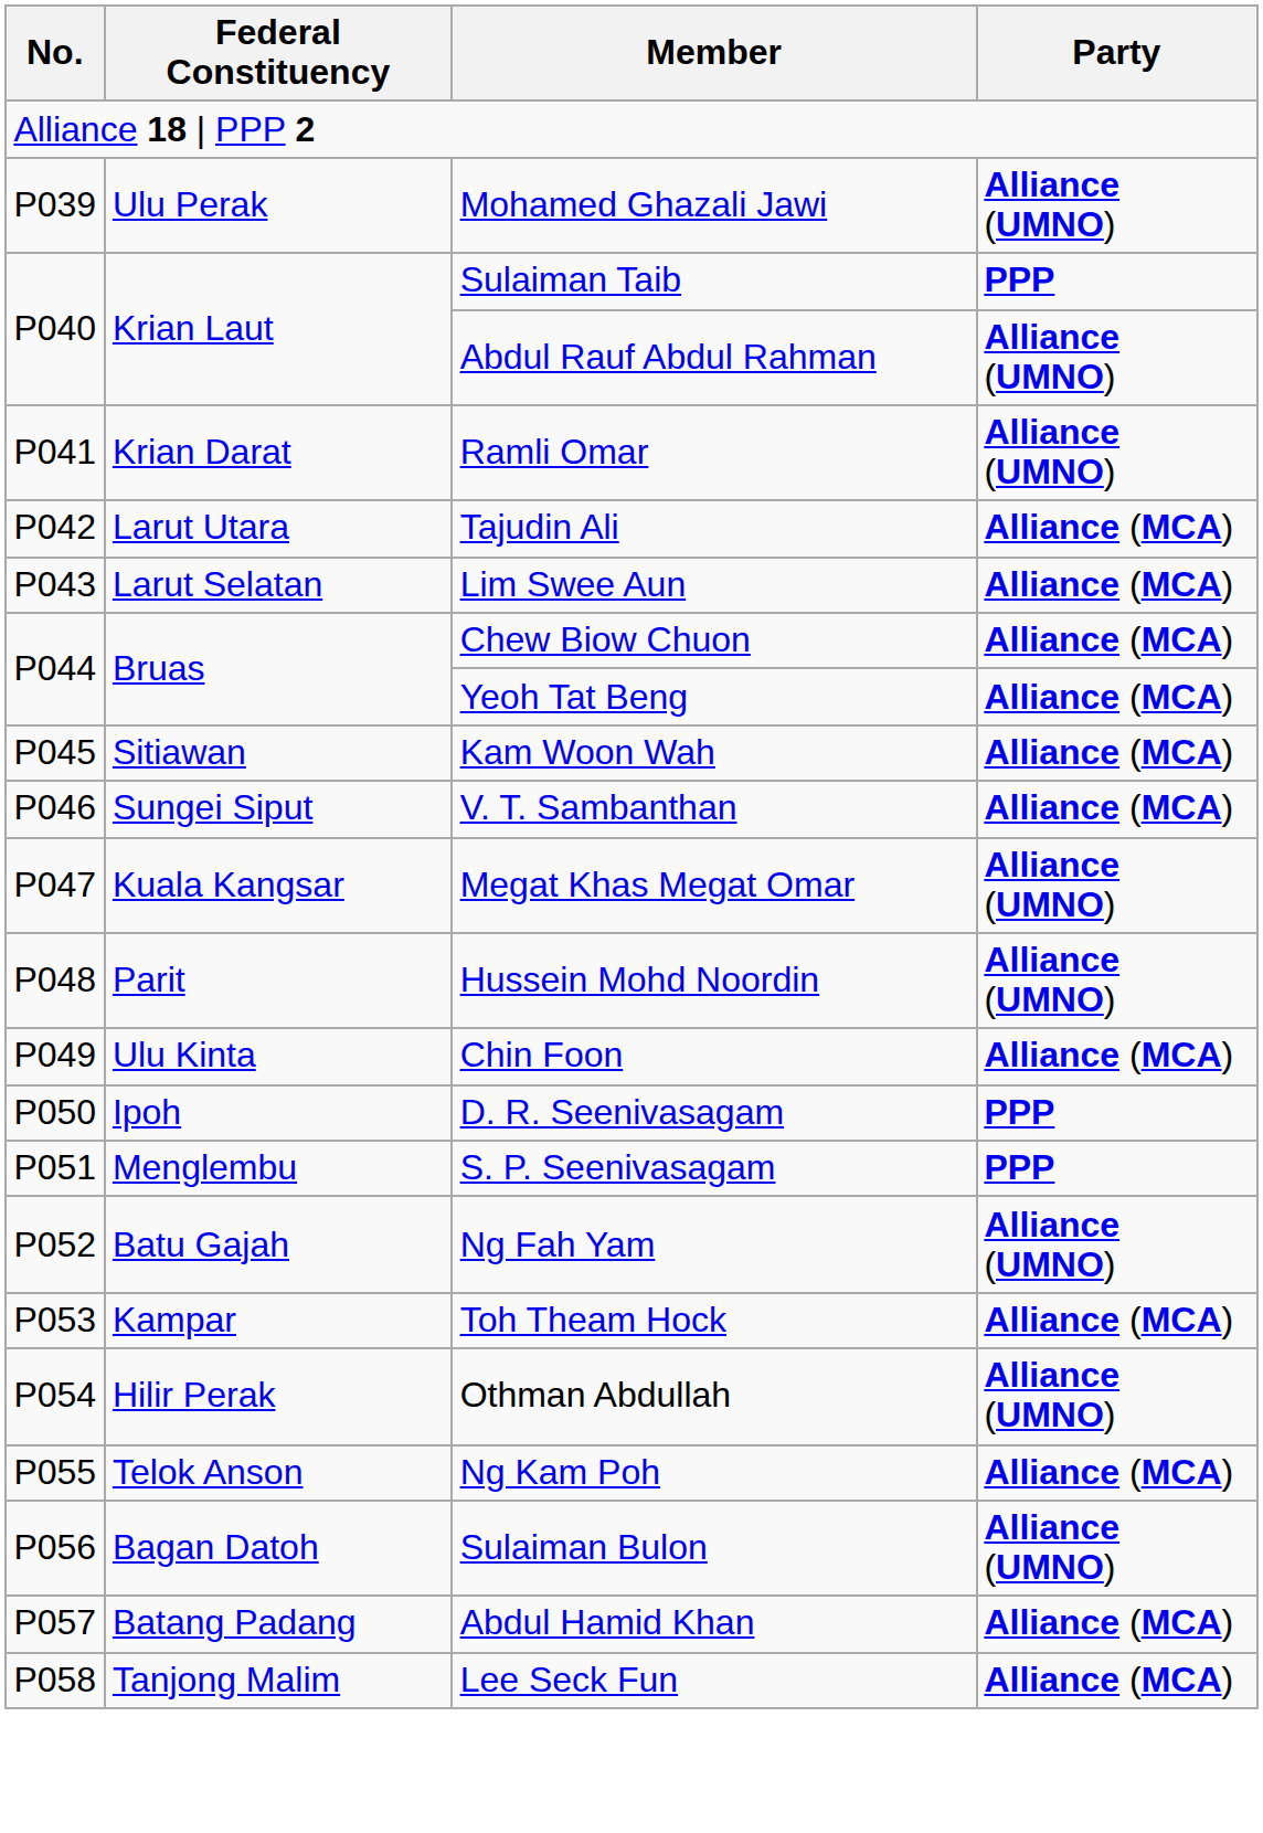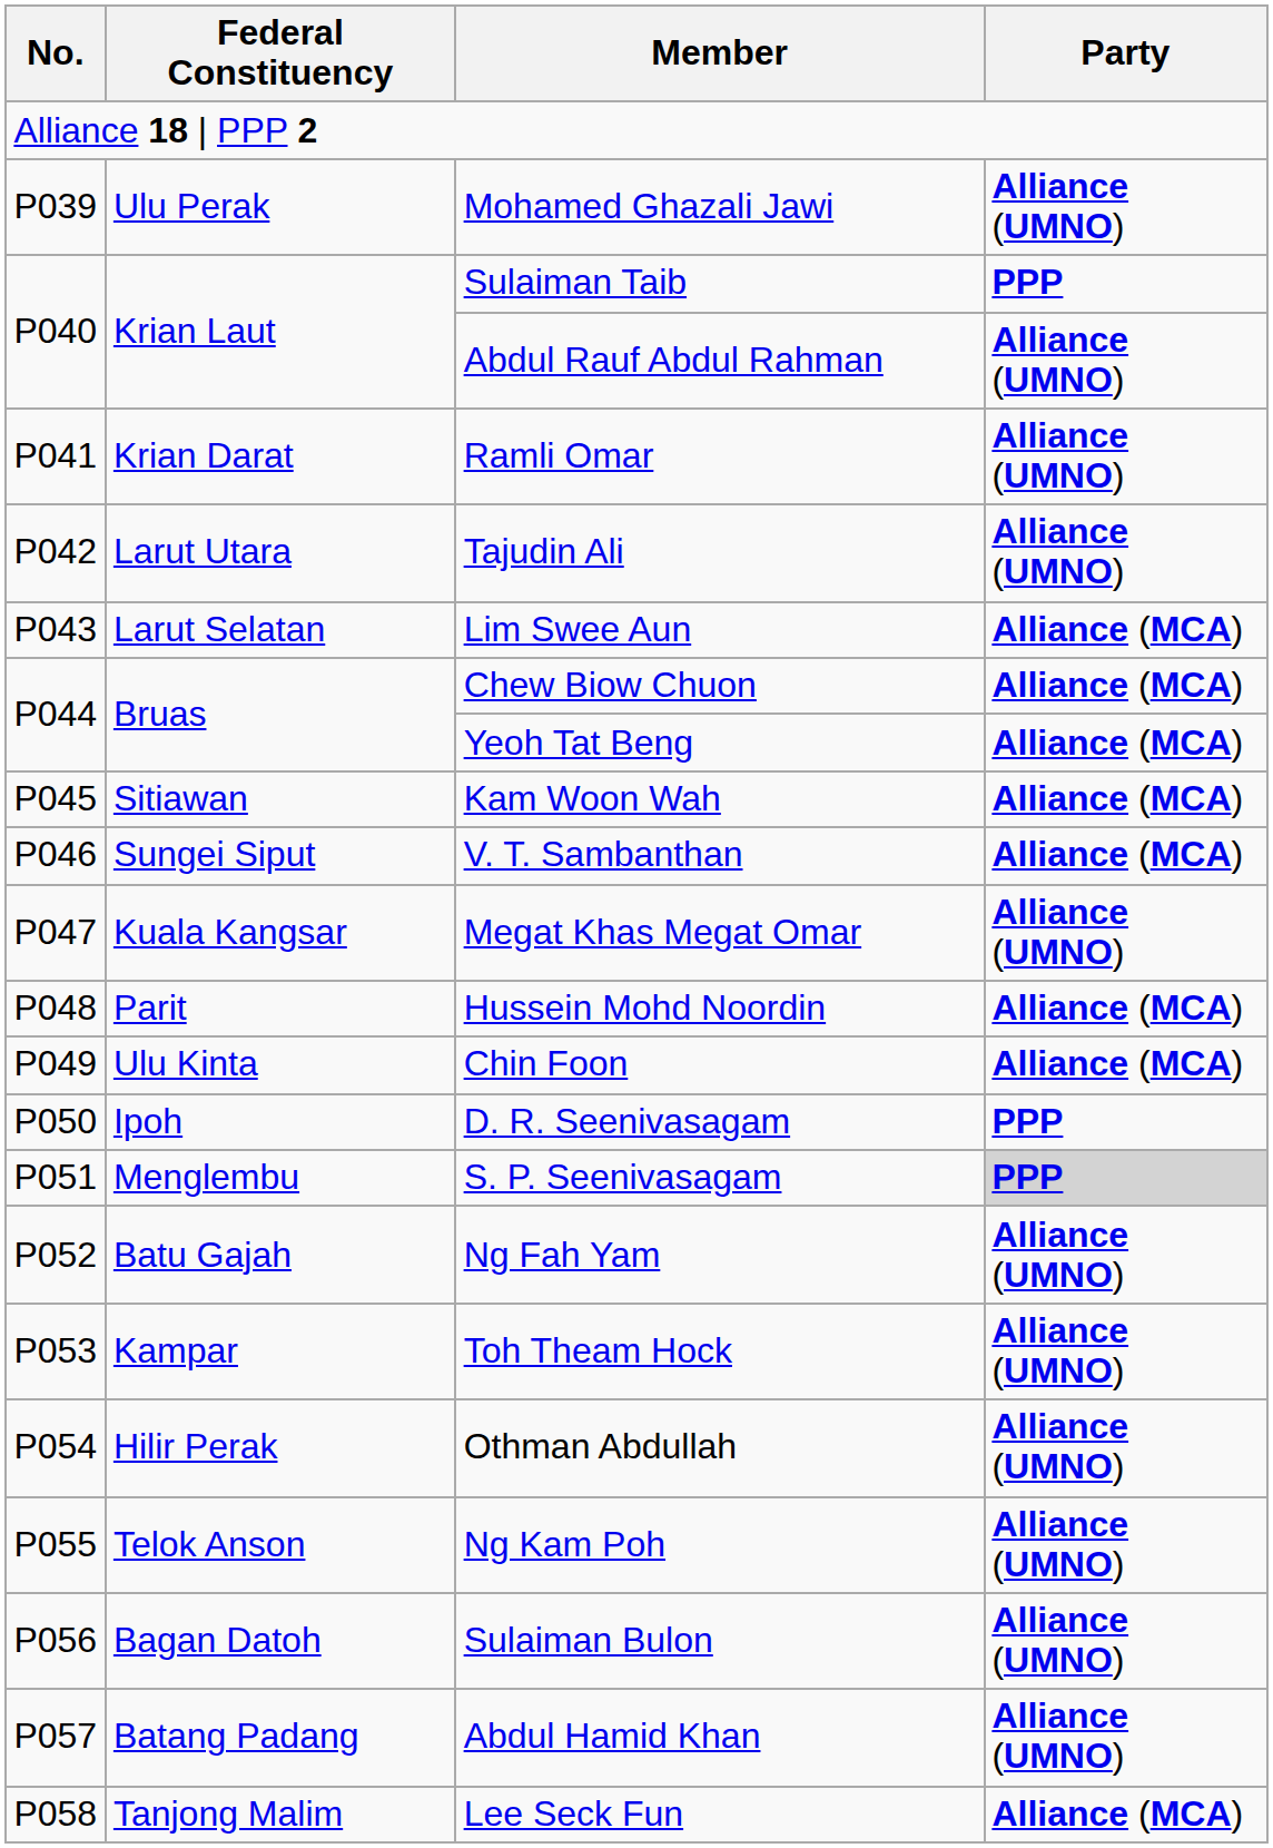 <table class="wikitable sortable">
 <tr>
 <th style="width:30px;">No.</th>
 <th style="width:150px;">Federal Constituency</th>
 <th style="width:230px;">Member</th>
 <th style="width:120px;">Party</th>
 </tr>
 <tr>
 <td colspan="4"><a href='#'>Alliance</a> <strong>18</strong> | <a href='#'>PPP</a> <strong>2</strong></td>
 </tr>
 <tr>
 <td>P039</td>
 <td><a href='#'>Ulu Perak</a></td>
 <td><a href='#'>Mohamed Ghazali Jawi</a></td>
 <td><strong><a href='#'>Alliance</a></strong> (<strong><a href='#'>UMNO</a></strong>)</td>
 </tr>
 <tr>
 <td rowspan=2>P040</td>
 <td rowspan=2><a href='#'>Krian Laut</a></td>
 <td><a href='#'>Sulaiman Taib</a> </td>
 <td><strong><a href='#'>PPP</a></strong></td>
 </tr>
 <tr>
 <td><a href='#'>Abdul Rauf Abdul Rahman</a> </td>
 <td><strong><a href='#'>Alliance</a></strong> (<strong><a href='#'>UMNO</a></strong>)</td>
 </tr>
 <tr>
 <td>P041</td>
 <td><a href='#'>Krian Darat</a></td>
 <td><a href='#'>Ramli Omar</a></td>
 <td><strong><a href='#'>Alliance</a></strong> (<strong><a href='#'>UMNO</a></strong>)</td>
 </tr>
 <tr>
 <td>P042</td>
 <td><a href='#'>Larut Utara</a></td>
 <td><a href='#'>Tajudin Ali</a></td>
-<td><strong><a href='#'>Alliance</a></strong> (<strong><a href='#'>MCA</a></strong>)</td>
+<td><strong><a href='#'>Alliance</a></strong> (<strong><a href='#'>UMNO</a></strong>)</td>
 </tr>
 <tr>
 <td>P043</td>
 <td><a href='#'>Larut Selatan</a></td>
 <td><a href='#'>Lim Swee Aun</a></td>
 <td><strong><a href='#'>Alliance</a></strong> (<strong><a href='#'>MCA</a></strong>)</td>
 </tr>
 <tr>
 <td rowspan=2>P044</td>
 <td rowspan=2><a href='#'>Bruas</a></td>
 <td><a href='#'>Chew Biow Chuon</a><br></td>
 <td><strong><a href='#'>Alliance</a></strong> (<strong><a href='#'>MCA</a></strong>)</td>
 </tr>
 <tr>
 <td><a href='#'>Yeoh Tat Beng</a> </td>
 <td><strong><a href='#'>Alliance</a></strong> (<strong><a href='#'>MCA</a></strong>)</td>
 </tr>
 <tr>
 <td>P045</td>
 <td><a href='#'>Sitiawan</a></td>
 <td><a href='#'>Kam Woon Wah</a></td>
 <td><strong><a href='#'>Alliance</a></strong> (<strong><a href='#'>MCA</a></strong>)</td>
 </tr>
 <tr>
 <td>P046</td>
 <td><a href='#'>Sungei Siput</a></td>
 <td><a href='#'>V. T. Sambanthan</a></td>
 <td><strong><a href='#'>Alliance</a></strong> (<strong><a href='#'>MCA</a></strong>)</td>
 </tr>
 <tr>
 <td>P047</td>
 <td><a href='#'>Kuala Kangsar</a></td>
 <td><a href='#'>Megat Khas Megat Omar</a></td>
 <td><strong><a href='#'>Alliance</a></strong> (<strong><a href='#'>UMNO</a></strong>)</td>
 </tr>
 <tr>
 <td>P048</td>
 <td><a href='#'>Parit</a></td>
 <td><a href='#'>Hussein Mohd Noordin</a></td>
-<td><strong><a href='#'>Alliance</a></strong> (<strong><a href='#'>UMNO</a></strong>)</td>
+<td><strong><a href='#'>Alliance</a></strong> (<strong><a href='#'>MCA</a></strong>)</td>
 </tr>
 <tr>
 <td>P049</td>
 <td><a href='#'>Ulu Kinta</a></td>
 <td><a href='#'>Chin Foon</a></td>
 <td><strong><a href='#'>Alliance</a></strong> (<strong><a href='#'>MCA</a></strong>)</td>
 </tr>
 <tr>
 <td>P050</td>
 <td><a href='#'>Ipoh</a></td>
 <td><a href='#'>D. R. Seenivasagam</a></td>
 <td><strong><a href='#'>PPP</a></strong></td>
 </tr>
 <tr>
 <td>P051</td>
 <td><a href='#'>Menglembu</a></td>
 <td><a href='#'>S. P. Seenivasagam</a></td>
-<td><strong><a href='#'>PPP</a></strong></td>
+<td style="background: lightgrey;"><strong><a href='#'>PPP</a></strong></td>
 </tr>
 <tr>
 <td>P052</td>
 <td><a href='#'>Batu Gajah</a></td>
 <td><a href='#'>Ng Fah Yam</a></td>
 <td><strong><a href='#'>Alliance</a></strong> (<strong><a href='#'>UMNO</a></strong>)</td>
 </tr>
 <tr>
 <td>P053</td>
 <td><a href='#'>Kampar</a></td>
 <td><a href='#'>Toh Theam Hock</a></td>
-<td><strong><a href='#'>Alliance</a></strong> (<strong><a href='#'>MCA</a></strong>)</td>
+<td><strong><a href='#'>Alliance</a></strong> (<strong><a href='#'>UMNO</a></strong>)</td>
 </tr>
 <tr>
 <td>P054</td>
 <td><a href='#'>Hilir Perak</a></td>
 <td>Othman Abdullah</td>
 <td><strong><a href='#'>Alliance</a></strong> (<strong><a href='#'>UMNO</a></strong>)</td>
 </tr>
 <tr>
 <td>P055</td>
 <td><a href='#'>Telok Anson</a></td>
 <td><a href='#'>Ng Kam Poh</a></td>
-<td><strong><a href='#'>Alliance</a></strong> (<strong><a href='#'>MCA</a></strong>)</td>
+<td><strong><a href='#'>Alliance</a></strong> (<strong><a href='#'>UMNO</a></strong>)</td>
 </tr>
 <tr>
 <td>P056</td>
 <td><a href='#'>Bagan Datoh</a></td>
 <td><a href='#'>Sulaiman Bulon</a></td>
 <td><strong><a href='#'>Alliance</a></strong> (<strong><a href='#'>UMNO</a></strong>)</td>
 </tr>
 <tr>
 <td>P057</td>
 <td><a href='#'>Batang Padang</a></td>
 <td><a href='#'>Abdul Hamid Khan</a></td>
-<td><strong><a href='#'>Alliance</a></strong> (<strong><a href='#'>MCA</a></strong>)</td>
+<td><strong><a href='#'>Alliance</a></strong> (<strong><a href='#'>UMNO</a></strong>)</td>
 </tr>
 <tr>
 <td>P058</td>
 <td><a href='#'>Tanjong Malim</a></td>
 <td><a href='#'>Lee Seck Fun</a></td>
 <td><strong><a href='#'>Alliance</a></strong> (<strong><a href='#'>MCA</a></strong>)</td>
 </tr>
 </table>
